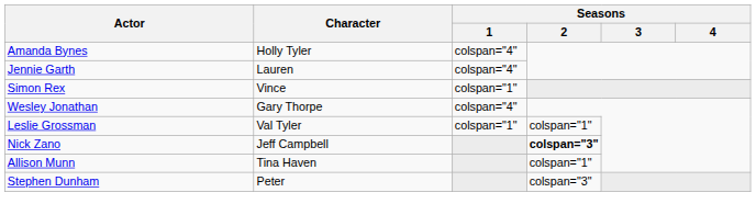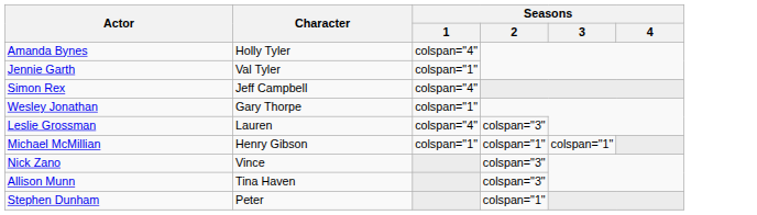 <table class="wikitable">
 <tr>
 <th rowspan="2">Actor</th>
 <th rowspan="2">Character</th>
 <th colspan="4">Seasons</th>
 </tr>
 <tr>
 <th style="width:10%;">1</th>
 <th style="width:10%;">2</th>
 <th style="width:10%;">3</th>
 <th style="width:10%;">4</th>
 </tr>
 <tr>
 <td><a href='#'>Amanda Bynes</a></td>
 <td>Holly Tyler</td>
 <td>colspan="4" </td>
 </tr>
 <tr>
 <td><a href='#'>Jennie Garth</a></td>
-<td>Lauren</td>
-<td>colspan="4" </td>
+<td>Val Tyler</td>
+<td>colspan="1" </td>
 </tr>
 <tr>
 <td><a href='#'>Simon Rex</a></td>
-<td>Vince</td>
-<td>colspan="1" </td>
+<td>Jeff Campbell</td>
+<td>colspan="4" </td>
 <td colspan="3" style="background: #ececec; color: grey; vertical-align: middle; text-align: center; " class="table-na"></td>
 </tr>
 <tr>
 <td><a href='#'>Wesley Jonathan</a></td>
 <td>Gary Thorpe</td>
-<td>colspan="4" </td>
+<td>colspan="1" </td>
 </tr>
 <tr>
 <td><a href='#'>Leslie Grossman</a></td>
-<td>Val Tyler</td>
+<td>Lauren</td>
+<td>colspan="4" </td>
+<td>colspan="3" </td>
+</tr>
+<tr>
+<td><a href='#'>Michael McMillian</a></td>
+<td>Henry Gibson</td>
 <td>colspan="1" </td>
 <td>colspan="1" </td>
+<td>colspan="1" </td>
+<td colspan="1" style="background: #ececec; color: grey; vertical-align: middle; text-align: center; " class="table-na"></td>
 </tr>
 <tr>
 <td><a href='#'>Nick Zano</a></td>
-<td>Jeff Campbell</td>
+<td>Vince</td>
 <td colspan="1" style="background: #ececec; color: grey; vertical-align: middle; text-align: center; " class="table-na"></td>
-<td><strong>colspan="3" </strong></td>
+<td>colspan="3" </td>
 </tr>
 <tr>
 <td><a href='#'>Allison Munn</a></td>
 <td>Tina Haven</td>
 <td colspan="1" style="background: #ececec; color: grey; vertical-align: middle; text-align: center; " class="table-na"></td>
-<td>colspan="1" </td>
+<td>colspan="3" </td>
 </tr>
 <tr>
 <td><a href='#'>Stephen Dunham</a></td>
 <td>Peter</td>
 <td colspan="1" style="background: #ececec; color: grey; vertical-align: middle; text-align: center; " class="table-na"></td>
-<td>colspan="3" </td>
+<td>colspan="1" </td>
 <td colspan="2" style="background: #ececec; color: grey; vertical-align: middle; text-align: center; " class="table-na"></td>
 </tr>
 </table>
